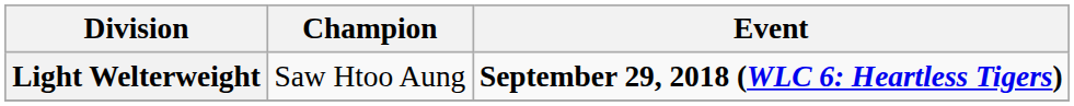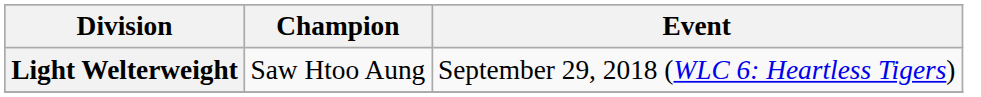 <table class="wikitable">
 <tr>
 <th>Division</th>
 <th>Champion</th>
 <th>Event</th>
 </tr>
 <tr>
 <th style="text-align:left;">Light Welterweight</th>
 <td> Saw Htoo Aung</td>
-<td style="text-align:center;"><strong>September 29, 2018 (<em><a href='#'>WLC 6: Heartless Tigers</a></em>)</strong></td>
+<td style="text-align:center;">September 29, 2018 (<em><a href='#'>WLC 6: Heartless Tigers</a></em>)</td>
 </tr>
 <tr>
 </tr>
 </table>
